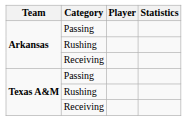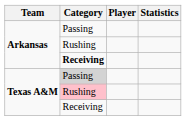 <table class="wikitable" style="float: right;">
 <tr>
 <th>Team</th>
 <th>Category</th>
 <th>Player</th>
 <th>Statistics</th>
 </tr>
 <tr>
 <td rowspan=3><strong>Arkansas</strong></td>
 <td>Passing</td>
 <td></td>
 <td></td>
 </tr>
 <tr>
 <td>Rushing</td>
 <td></td>
 <td></td>
 </tr>
 <tr>
-<td>Receiving</td>
+<td><strong>Receiving</strong></td>
 <td></td>
 <td></td>
 </tr>
 <tr>
 <td rowspan=3><strong>Texas A&M</strong></td>
-<td>Passing</td>
+<td style="background: lightgrey;">Passing</td>
 <td></td>
 <td></td>
 </tr>
 <tr>
-<td>Rushing</td>
+<td style="background: pink;">Rushing</td>
 <td></td>
 <td></td>
 </tr>
 <tr>
 <td>Receiving</td>
 <td></td>
 <td></td>
 </tr>
 </table>
